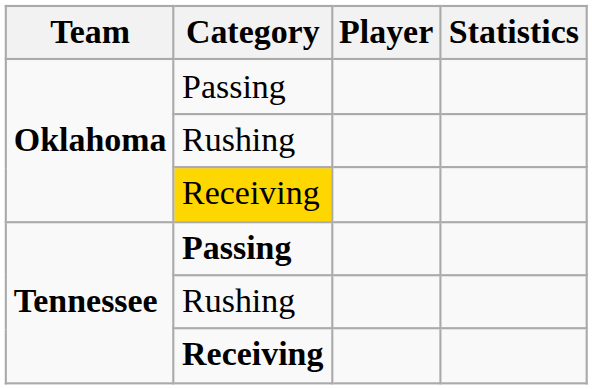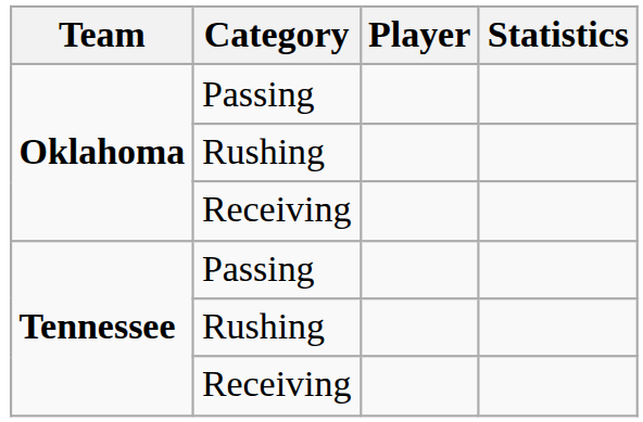 <table class="wikitable" style="float: right;">
 <tr>
 <th>Team</th>
 <th>Category</th>
 <th>Player</th>
 <th>Statistics</th>
 </tr>
 <tr>
 <td rowspan=3><strong>Oklahoma</strong></td>
 <td>Passing</td>
 <td></td>
 <td></td>
 </tr>
 <tr>
 <td>Rushing</td>
 <td></td>
 <td></td>
 </tr>
 <tr>
-<td style="background: gold;">Receiving</td>
+<td>Receiving</td>
 <td></td>
 <td></td>
 </tr>
 <tr>
 <td rowspan=3><strong>Tennessee </strong></td>
-<td><strong>Passing</strong></td>
+<td>Passing</td>
 <td></td>
 <td></td>
 </tr>
 <tr>
 <td>Rushing</td>
 <td></td>
 <td></td>
 </tr>
 <tr>
-<td><strong>Receiving</strong></td>
+<td>Receiving</td>
 <td></td>
 <td></td>
 </tr>
 </table>
